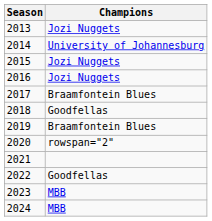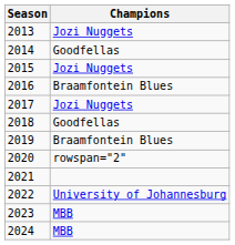 <table class="wikitable">
 <tr>
 <th>Season</th>
 <th>Champions</th>
 </tr>
 <tr>
 <td>2013</td>
 <td><a href='#'>Jozi Nuggets</a></td>
 </tr>
 <tr>
 <td>2014</td>
-<td><a href='#'>University of Johannesburg</a></td>
+<td>Goodfellas</td>
 </tr>
 <tr>
 <td>2015</td>
 <td><a href='#'>Jozi Nuggets</a></td>
 </tr>
 <tr>
 <td>2016</td>
-<td><a href='#'>Jozi Nuggets</a></td>
+<td>Braamfontein Blues</td>
 </tr>
 <tr>
 <td>2017</td>
-<td>Braamfontein Blues</td>
+<td><a href='#'>Jozi Nuggets</a></td>
 </tr>
 <tr>
 <td>2018</td>
 <td>Goodfellas</td>
 </tr>
 <tr>
 <td>2019</td>
 <td>Braamfontein Blues</td>
 </tr>
 <tr>
 <td>2020</td>
 <td>rowspan="2" </td>
 </tr>
 <tr>
 <td>2021</td>
 </tr>
 <tr>
 <td>2022</td>
-<td>Goodfellas</td>
+<td><a href='#'>University of Johannesburg</a></td>
 </tr>
 <tr>
 <td>2023</td>
 <td><a href='#'>MBB</a></td>
 </tr>
 <tr>
 <td>2024</td>
 <td><a href='#'>MBB</a></td>
 </tr>
 </table>
